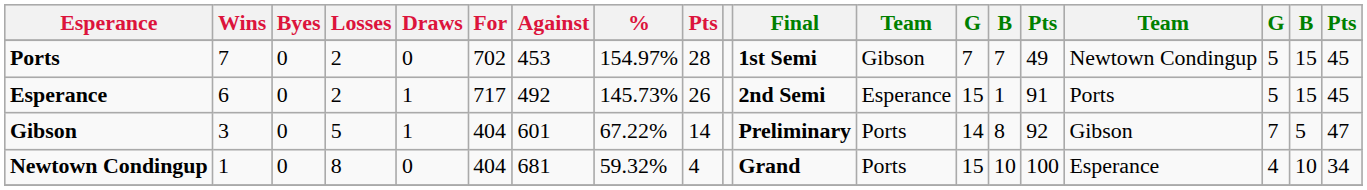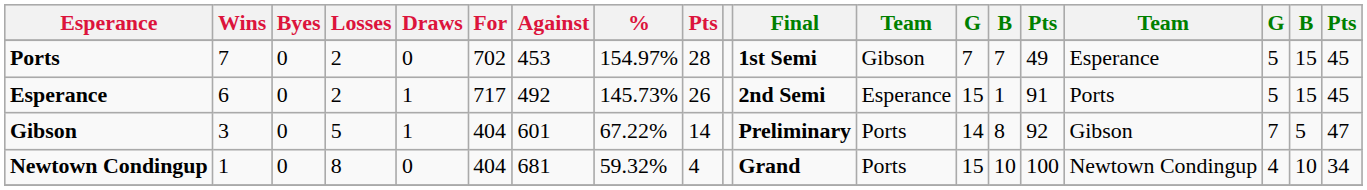 <table style="font-size: 85%; text-align: left;" class="wikitable">
 <tr>
 <th style="color:crimson">Esperance</th>
 <th style="color:crimson">Wins</th>
 <th style="color:crimson">Byes</th>
 <th style="color:crimson">Losses</th>
 <th style="color:crimson">Draws</th>
 <th style="color:crimson">For</th>
 <th style="color:crimson">Against</th>
 <th style="color:crimson">%</th>
 <th style="color:crimson">Pts</th>
 <th></th>
 <th style="color:green">Final</th>
 <th style="color:green">Team</th>
 <th style="color:green">G</th>
 <th style="color:green">B</th>
 <th style="color:green">Pts</th>
 <th style="color:green">Team</th>
 <th style="color:green">G</th>
 <th style="color:green">B</th>
 <th style="color:green">Pts</th>
 </tr>
 <tr>
 </tr>
 <tr>
 </tr>
 <tr>
 <td><strong>	Ports	</strong></td>
 <td>7</td>
 <td>0</td>
 <td>2</td>
 <td>0</td>
 <td>702</td>
 <td>453</td>
 <td>154.97%</td>
 <td>28</td>
 <td></td>
 <td><strong>1st Semi</strong></td>
 <td>Gibson</td>
 <td>7</td>
 <td>7</td>
 <td>49</td>
-<td>Newtown Condingup</td>
+<td>Esperance</td>
 <td>5</td>
 <td>15</td>
 <td>45</td>
 </tr>
 <tr>
 <td><strong>	Esperance	</strong></td>
 <td>6</td>
 <td>0</td>
 <td>2</td>
 <td>1</td>
 <td>717</td>
 <td>492</td>
 <td>145.73%</td>
 <td>26</td>
 <td></td>
 <td><strong>2nd Semi</strong></td>
 <td>Esperance</td>
 <td>15</td>
 <td>1</td>
 <td>91</td>
 <td>Ports</td>
 <td>5</td>
 <td>15</td>
 <td>45</td>
 </tr>
 <tr>
 <td><strong>	Gibson	</strong></td>
 <td>3</td>
 <td>0</td>
 <td>5</td>
 <td>1</td>
 <td>404</td>
 <td>601</td>
 <td>67.22%</td>
 <td>14</td>
 <td></td>
 <td><strong>Preliminary</strong></td>
 <td>Ports</td>
 <td>14</td>
 <td>8</td>
 <td>92</td>
 <td>Gibson</td>
 <td>7</td>
 <td>5</td>
 <td>47</td>
 </tr>
 <tr>
 <td><strong>	Newtown Condingup	</strong></td>
 <td>1</td>
 <td>0</td>
 <td>8</td>
 <td>0</td>
 <td>404</td>
 <td>681</td>
 <td>59.32%</td>
 <td>4</td>
 <td></td>
 <td><strong>Grand</strong></td>
 <td>Ports</td>
 <td>15</td>
 <td>10</td>
 <td>100</td>
-<td>Esperance</td>
+<td>Newtown Condingup</td>
 <td>4</td>
 <td>10</td>
 <td>34</td>
 </tr>
 <tr>
 </tr>
 </table>
